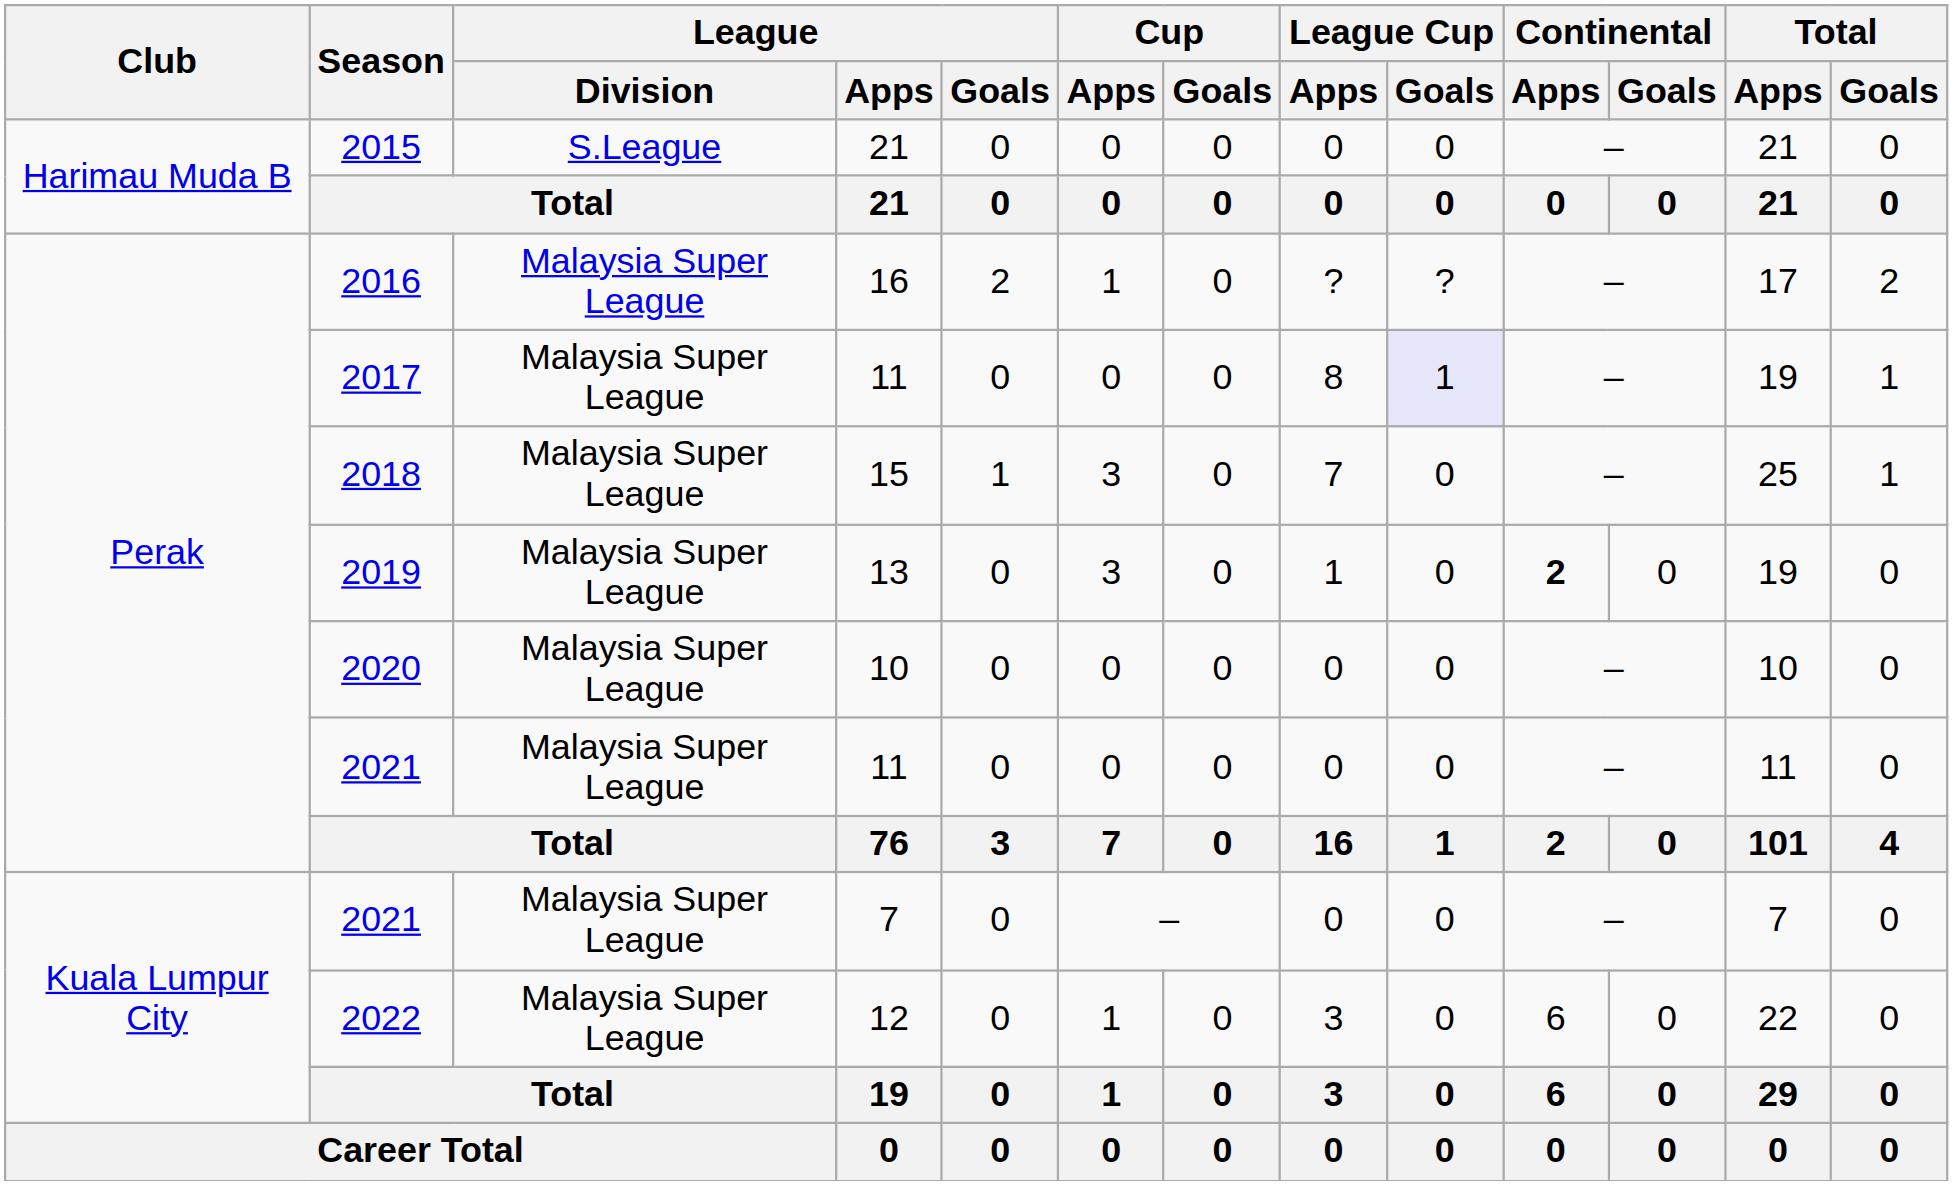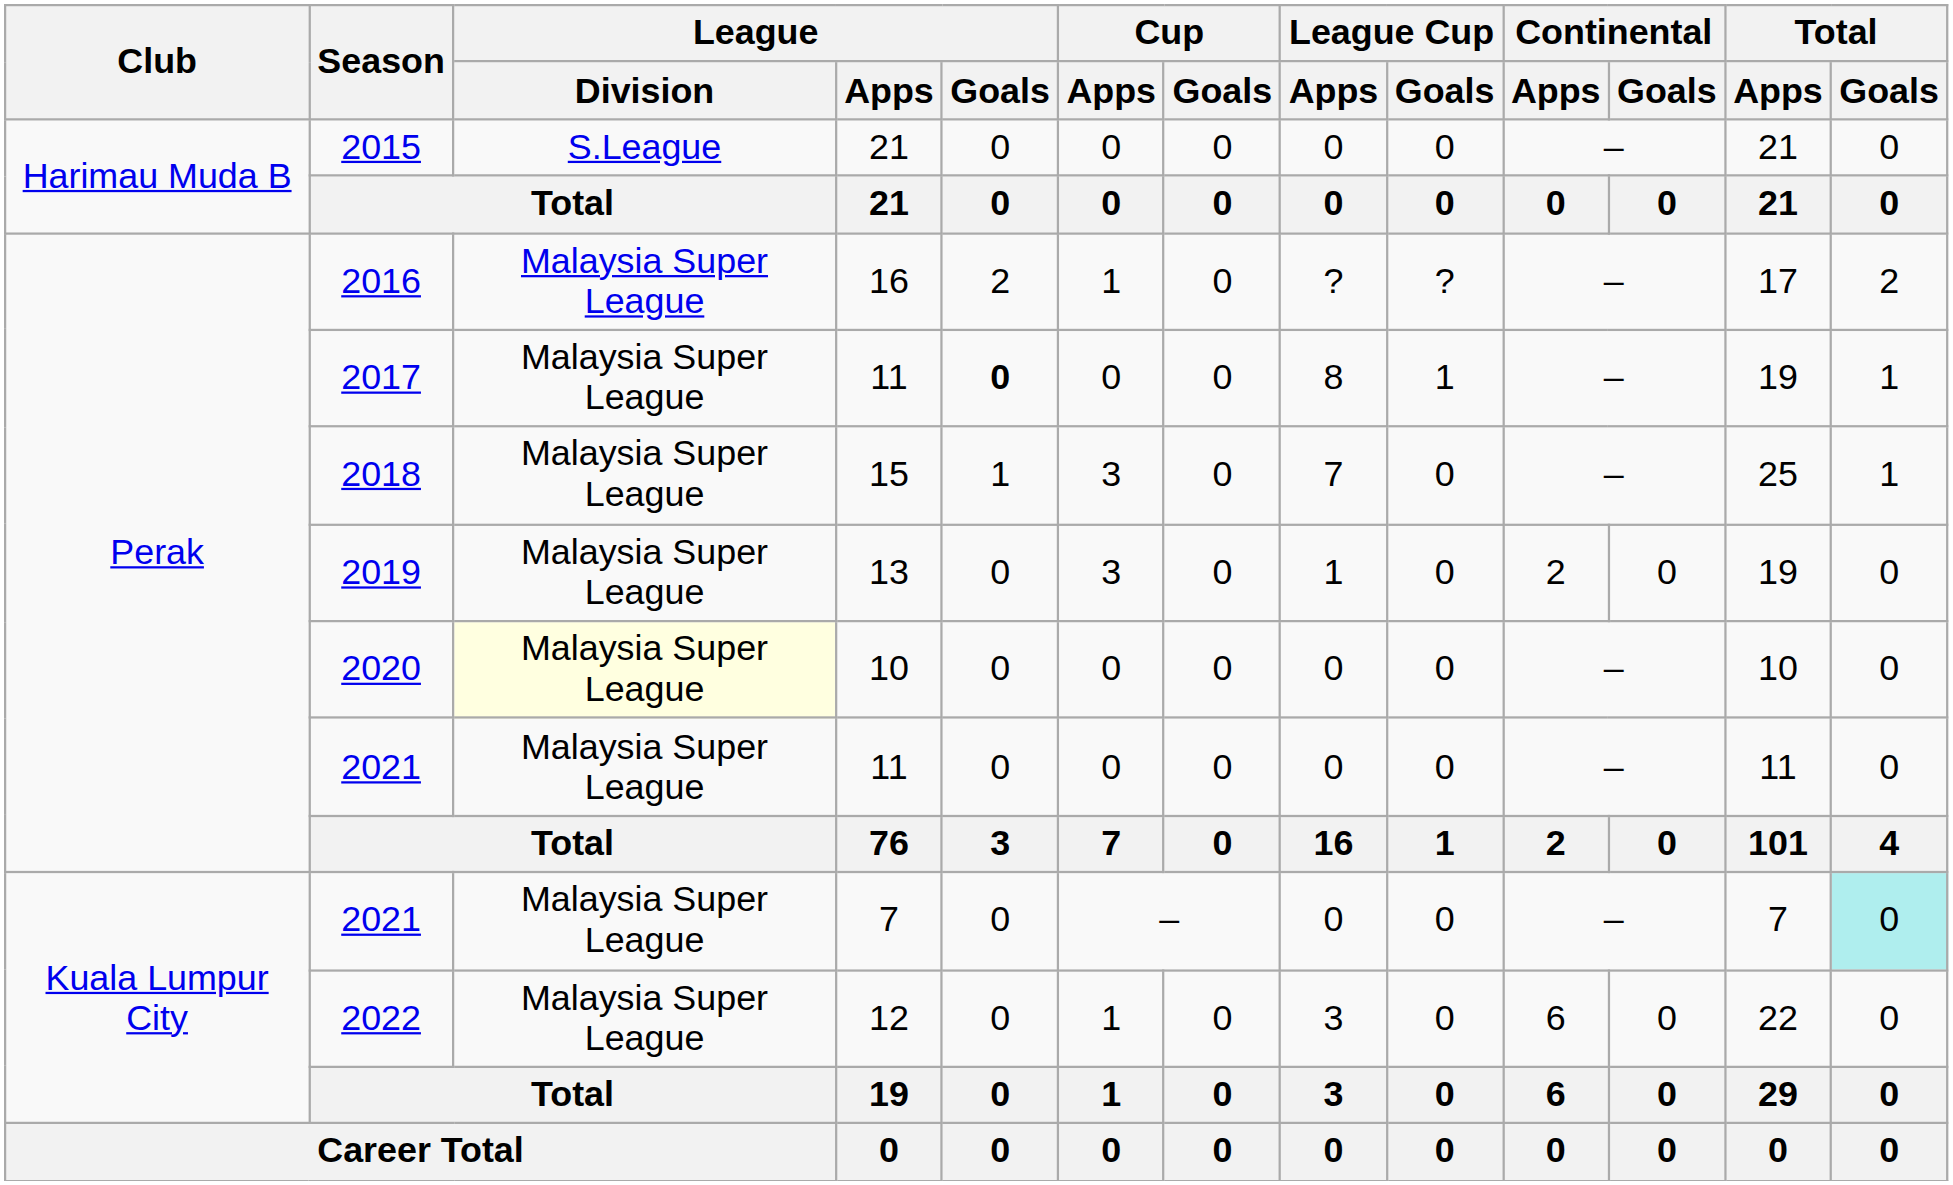 <table class=wikitable style="text-align:center">
 <tr>
 <th rowspan=2>Club</th>
 <th rowspan=2>Season</th>
 <th colspan=3>League</th>
 <th colspan=2>Cup</th>
 <th colspan=2>League Cup</th>
 <th colspan=2>Continental</th>
 <th colspan=2>Total</th>
 </tr>
 <tr>
 <th>Division</th>
 <th>Apps</th>
 <th>Goals</th>
 <th>Apps</th>
 <th>Goals</th>
 <th>Apps</th>
 <th>Goals</th>
 <th>Apps</th>
 <th>Goals</th>
 <th>Apps</th>
 <th>Goals</th>
 </tr>
 <tr>
 <td rowspan=2><a href='#'>Harimau Muda B</a></td>
 <td><a href='#'>2015</a></td>
 <td><a href='#'>S.League</a></td>
 <td>21</td>
 <td>0</td>
 <td>0</td>
 <td>0</td>
 <td>0</td>
 <td>0</td>
 <td colspan=2>–</td>
 <td>21</td>
 <td>0</td>
 </tr>
 <tr>
 <th colspan="2">Total</th>
 <th>21</th>
 <th>0</th>
 <th>0</th>
 <th>0</th>
 <th>0</th>
 <th>0</th>
 <th>0</th>
 <th>0</th>
 <th>21</th>
 <th>0</th>
 </tr>
 <tr>
 <td rowspan=7><a href='#'>Perak</a></td>
 <td><a href='#'>2016</a></td>
 <td><a href='#'>Malaysia Super League</a></td>
 <td>16</td>
 <td>2</td>
 <td>1</td>
 <td>0</td>
 <td>?</td>
 <td>?</td>
 <td colspan=2>–</td>
 <td>17</td>
 <td>2</td>
 </tr>
 <tr>
 <td><a href='#'>2017</a></td>
 <td>Malaysia Super League</td>
 <td>11</td>
-<td>0</td>
+<td><strong>0</strong></td>
 <td>0</td>
 <td>0</td>
 <td>8</td>
-<td style="background: lavender;">1</td>
+<td>1</td>
 <td colspan=2>–</td>
 <td>19</td>
 <td>1</td>
 </tr>
 <tr>
 <td><a href='#'>2018</a></td>
 <td>Malaysia Super League</td>
 <td>15</td>
 <td>1</td>
 <td>3</td>
 <td>0</td>
 <td>7</td>
 <td>0</td>
 <td colspan=2>–</td>
 <td>25</td>
 <td>1</td>
 </tr>
 <tr>
 <td><a href='#'>2019</a></td>
 <td>Malaysia Super League</td>
 <td>13</td>
 <td>0</td>
 <td>3</td>
 <td>0</td>
 <td>1</td>
 <td>0</td>
-<td><strong>2</strong></td>
+<td>2</td>
 <td>0</td>
 <td 0>19</td>
 <td>0</td>
 </tr>
 <tr>
 <td><a href='#'>2020</a></td>
-<td>Malaysia Super League</td>
+<td style="background: lightyellow;">Malaysia Super League</td>
 <td>10</td>
 <td>0</td>
 <td>0</td>
 <td>0</td>
 <td>0</td>
 <td>0</td>
 <td colspan=2>–</td>
 <td>10</td>
 <td>0</td>
 </tr>
 <tr>
 <td><a href='#'>2021</a></td>
 <td>Malaysia Super League</td>
 <td>11</td>
 <td>0</td>
 <td>0</td>
 <td>0</td>
 <td>0</td>
 <td>0</td>
 <td colspan=2>–</td>
 <td>11</td>
 <td>0</td>
 </tr>
 <tr>
 <th colspan="2">Total</th>
 <th>76</th>
 <th>3</th>
 <th>7</th>
 <th>0</th>
 <th>16</th>
 <th>1</th>
 <th>2</th>
 <th>0</th>
 <th>101</th>
 <th>4</th>
 </tr>
 <tr>
 <td rowspan=3><a href='#'>Kuala Lumpur City</a></td>
 <td><a href='#'>2021</a></td>
 <td>Malaysia Super League</td>
 <td>7</td>
 <td>0</td>
 <td colspan=2>–</td>
 <td>0</td>
 <td>0</td>
 <td colspan=2>–</td>
 <td>7</td>
-<td>0</td>
+<td style="background: paleturquoise;">0</td>
 </tr>
 <tr>
 <td><a href='#'>2022</a></td>
 <td>Malaysia Super League</td>
 <td>12</td>
 <td>0</td>
 <td>1</td>
 <td>0</td>
 <td>3</td>
 <td>0</td>
 <td>6</td>
 <td>0</td>
 <td>22</td>
 <td>0</td>
 </tr>
 <tr>
 <th colspan="2">Total</th>
 <th>19</th>
 <th>0</th>
 <th>1</th>
 <th>0</th>
 <th>3</th>
 <th>0</th>
 <th>6</th>
 <th>0</th>
 <th>29</th>
 <th>0</th>
 </tr>
 <tr>
 <th colspan="3">Career Total</th>
 <th>0</th>
 <th>0</th>
 <th>0</th>
 <th>0</th>
 <th>0</th>
 <th>0</th>
 <th>0</th>
 <th>0</th>
 <th>0</th>
 <th>0</th>
 </tr>
 </table>
